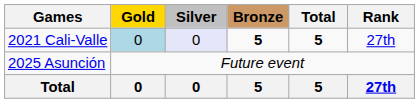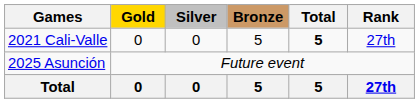 <table class="wikitable" style="text-align:center; font-size:90%;">
 <tr>
 <th>Games</th>
 <td style="background:gold; width:3.2em; font-weight:bold;">Gold</td>
 <td style="background:silver; width:3.7em; font-weight:bold;">Silver</td>
 <td style="background:#c96; width:3.7em; font-weight:bold;">Bronze</td>
 <th style="width:3.5em; font-weight:bold;">Total</th>
 <th style="width:4em; font-weight:bold;">Rank</th>
 </tr>
 <tr>
 <td align=left> <a href='#'>2021 Cali-Valle</a></td>
-<td style="background: lightblue;">0</td>
-<td style="background: lavender;">0</td>
-<td><strong>5</strong></td>
+<td>0</td>
+<td>0</td>
+<td>5</td>
 <td><strong>5</strong></td>
 <td><a href='#'>27th</a></td>
 </tr>
 <tr>
 <td align=left> <a href='#'>2025 Asunción</a></td>
 <td colspan="5"><em>Future event</em></td>
 </tr>
 <tr>
 <th>Total</th>
 <th>0</th>
 <th>0</th>
 <th>5</th>
 <th>5</th>
 <th><a href='#'>27th</a></th>
 </tr>
 </table>
